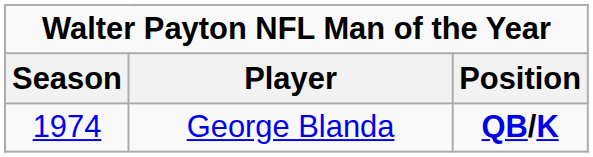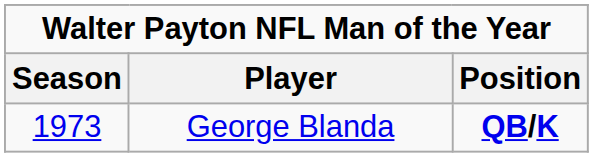 <table class="wikitable sortable" style="text-align:center">
 <tr>
 <td colspan="3"><strong>Walter Payton NFL Man of the Year</strong></td>
 </tr>
 <tr>
 <th style="width:50px; ">Season</th>
 <th style="width:160px; ">Player</th>
 <th style="width:50px; ">Position</th>
 </tr>
 <tr>
-<td><a href='#'>1974</a></td>
+<td><a href='#'>1973</a></td>
 <td><a href='#'>George Blanda</a></td>
 <td><strong><a href='#'>QB</a>/<a href='#'>K</a></strong></td>
 </tr>
 </table>
